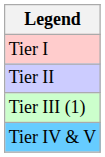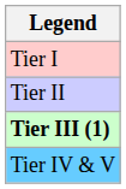 <table class=wikitable style=font-size:90%>
 <tr>
 <th>Legend</th>
 </tr>
 <tr>
 <td bgcolor=#ffcccc>Tier I</td>
 </tr>
 <tr>
 <td bgcolor=#ccccff>Tier II</td>
 </tr>
 <tr>
-<td bgcolor=#CCFFCC>Tier III (1)</td>
+<td bgcolor=#CCFFCC><strong>Tier III (1)</strong></td>
 </tr>
 <tr>
 <td bgcolor=#66CCFF>Tier IV & V</td>
 </tr>
 </table>
